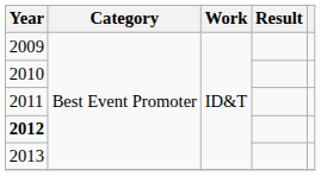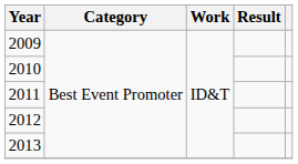 <table class="wikitable">
 <tr>
 <th>Year</th>
 <th>Category</th>
 <th>Work</th>
 <th>Result</th>
 <th></th>
 </tr>
 <tr>
 <td>2009</td>
 <td rowspan="5">Best Event Promoter</td>
 <td rowspan="5">ID&T</td>
 <td></td>
 <td></td>
 </tr>
 <tr>
 <td>2010</td>
 <td></td>
 <td></td>
 </tr>
 <tr>
 <td>2011</td>
 <td></td>
 <td></td>
 </tr>
 <tr>
-<td><strong>2012</strong></td>
+<td>2012</td>
 <td></td>
 <td></td>
 </tr>
 <tr>
 <td>2013</td>
 <td></td>
 <td></td>
 </tr>
 <tr>
 </tr>
 </table>
